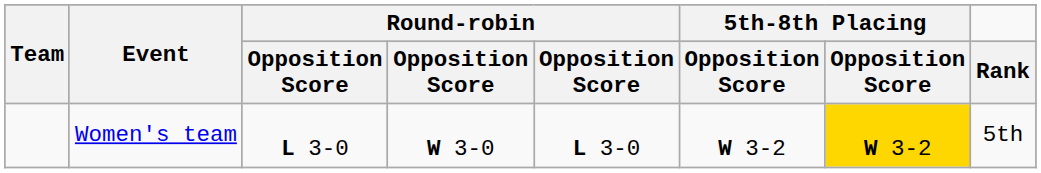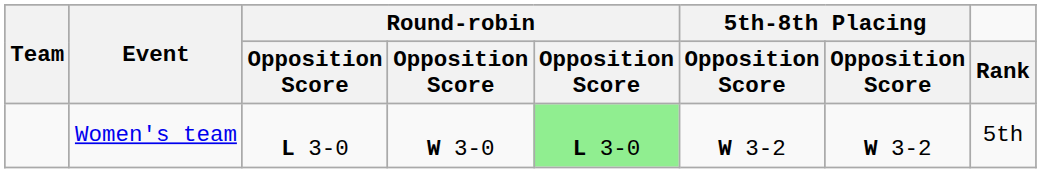 <table class="wikitable">
 <tr>
 <th rowspan="2">Team</th>
 <th rowspan="2">Event</th>
 <th colspan="3">Round-robin</th>
 <th colspan="2">5th-8th Placing</th>
 </tr>
 <tr>
 <th>Opposition<br>Score</th>
 <th>Opposition<br>Score</th>
 <th>Opposition<br>Score</th>
 <th>Opposition<br>Score</th>
 <th>Opposition<br>Score</th>
 <th>Rank</th>
 </tr>
 <tr align="center">
 <td align="left"></td>
 <td align="left"><a href='#'>Women's team</a></td>
 <td><br> <strong>L</strong> 3-0</td>
 <td><br> <strong>W</strong> 3-0</td>
-<td><br> <strong>L</strong> 3-0</td>
+<td style="background: lightgreen;"><br> <strong>L</strong> 3-0</td>
 <td><br> <strong>W</strong> 3-2</td>
-<td style="background: gold;"><br> <strong>W</strong> 3-2</td>
+<td><br> <strong>W</strong> 3-2</td>
 <td>5th</td>
 </tr>
 </table>
